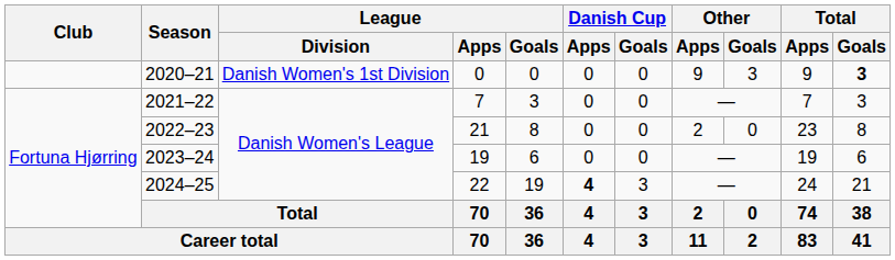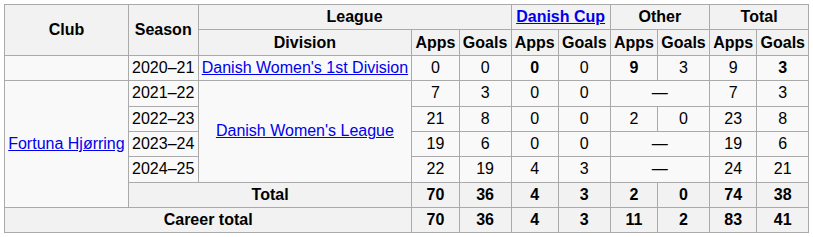 <table class=wikitable style=text-align:center>
 <tr>
 <th rowspan=2>Club</th>
 <th rowspan=2>Season</th>
 <th colspan=3>League</th>
 <th colspan=2><a href='#'>Danish Cup</a></th>
 <th colspan=2>Other</th>
 <th colspan=2>Total</th>
 </tr>
 <tr>
 <th>Division</th>
 <th>Apps</th>
 <th>Goals</th>
 <th>Apps</th>
 <th>Goals</th>
 <th>Apps</th>
 <th>Goals</th>
 <th>Apps</th>
 <th>Goals</th>
 </tr>
 <tr>
 <td rowspan=1></td>
 <td>2020–21</td>
 <td><a href='#'>Danish Women's 1st Division</a></td>
 <td>0</td>
 <td>0</td>
+<td><strong>0</strong></td>
 <td>0</td>
-<td>0</td>
-<td>9</td>
+<td><strong>9</strong></td>
 <td>3</td>
 <td>9</td>
 <td><strong>3</strong></td>
 </tr>
 <tr>
 <td rowspan=5><a href='#'>Fortuna Hjørring</a></td>
 <td>2021–22</td>
 <td rowspan=4><a href='#'>Danish Women's League</a></td>
 <td>7</td>
 <td>3</td>
 <td>0</td>
 <td>0</td>
 <td colspan=2>—</td>
 <td>7</td>
 <td>3</td>
 </tr>
 <tr>
 <td>2022–23</td>
 <td>21</td>
 <td>8</td>
 <td>0</td>
 <td>0</td>
 <td>2</td>
 <td>0</td>
 <td>23</td>
 <td>8</td>
 </tr>
 <tr>
 <td>2023–24</td>
 <td>19</td>
 <td>6</td>
 <td>0</td>
 <td>0</td>
 <td colspan=2>—</td>
 <td>19</td>
 <td>6</td>
 </tr>
 <tr>
 <td>2024–25</td>
 <td>22</td>
 <td>19</td>
-<td><strong>4</strong></td>
+<td>4</td>
 <td>3</td>
 <td colspan=2>—</td>
 <td>24</td>
 <td>21</td>
 </tr>
 <tr>
 <th colspan=2>Total</th>
 <th>70</th>
 <th>36</th>
 <th>4</th>
 <th>3</th>
 <th>2</th>
 <th>0</th>
 <th>74</th>
 <th>38</th>
 </tr>
 <tr>
 <th colspan=3>Career total</th>
 <th>70</th>
 <th>36</th>
 <th>4</th>
 <th>3</th>
 <th>11</th>
 <th>2</th>
 <th>83</th>
 <th>41</th>
 </tr>
 </table>
